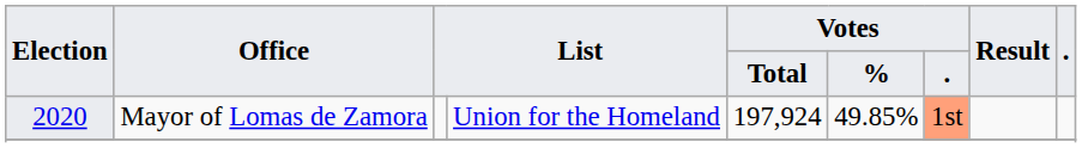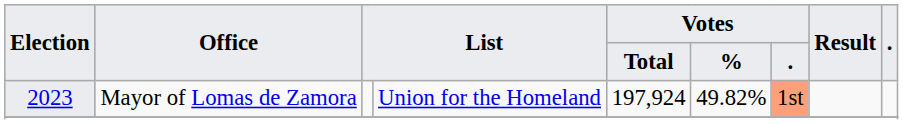 <table class="wikitable" style="font-size:90%; text-align:center;">
 <tr>
 <th style="background-color:#EAECF0;" rowspan=2>Election</th>
 <th style="background-color:#EAECF0;" rowspan=2>Office</th>
 <th style="background-color:#EAECF0;" colspan=2 rowspan=2>List</th>
 <th style="background-color:#EAECF0;" colspan=3>Votes</th>
 <th style="background-color:#EAECF0;" rowspan=2>Result</th>
 <th style="background-color:#EAECF0;" rowspan=2>.</th>
 </tr>
 <tr>
 <th style="background-color:#EAECF0;">Total</th>
 <th style="background-color:#EAECF0;">%</th>
 <th style="background-color:#EAECF0;">.</th>
 </tr>
 <tr>
-<td style="background-color:#EAECF0;"><a href='#'>2020</a></td>
+<td style="background-color:#EAECF0;"><a href='#'>2023</a></td>
 <td>Mayor of <a href='#'>Lomas de Zamora</a></td>
 <td style="background-color:"></td>
 <td><a href='#'>Union for the Homeland</a></td>
 <td>197,924</td>
-<td>49.85%</td>
+<td>49.82%</td>
 <td style="background: lightsalmon;">1st</td>
 <td></td>
 <td></td>
 </tr>
 <tr>
 </tr>
 <tr>
 </tr>
 </table>
